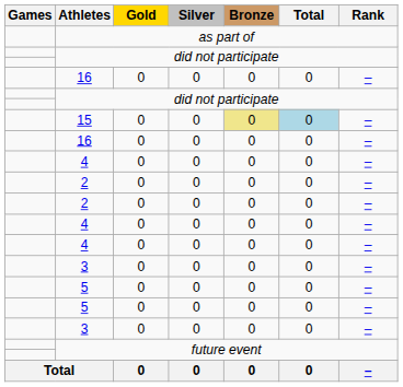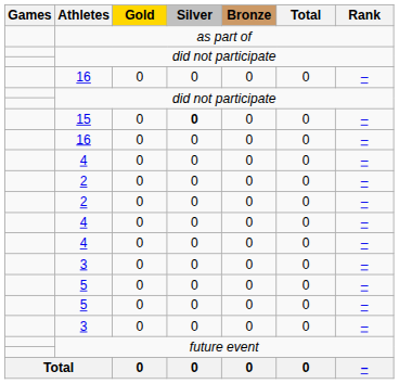 <table class="wikitable" style="text-align:center; font-size:90%;">
 <tr>
 <th>Games</th>
 <th>Athletes</th>
 <td style="background:gold; width:3.7em; font-weight:bold;">Gold</td>
 <td style="background:silver; width:3.7em; font-weight:bold;">Silver</td>
 <td style="background:#cc9966; width:3.7em; font-weight:bold;">Bronze</td>
 <th style="width:4em; font-weight:bold;">Total</th>
 <th style="width:4em; font-weight:bold;">Rank</th>
 </tr>
 <tr>
 <td align=left></td>
 <td colspan=6><em>as part of </em></td>
 </tr>
 <tr>
 <td align=left></td>
 <td colspan=6; rowspan=2><em>did not participate</em></td>
 </tr>
 <tr>
 <td align=left></td>
 </tr>
 <tr>
 <td align=left></td>
 <td><a href='#'>16</a></td>
 <td>0</td>
 <td>0</td>
 <td>0</td>
 <td>0</td>
 <td><a href='#'>–</a></td>
 </tr>
 <tr>
 <td align=left></td>
 <td colspan=6; rowspan=2><em>did not participate</em></td>
 </tr>
 <tr>
 <td align=left></td>
 </tr>
 <tr>
 <td align=left></td>
 <td><a href='#'>15</a></td>
 <td>0</td>
+<td><strong>0</strong></td>
 <td>0</td>
-<td style="background: khaki;">0</td>
-<td style="background: lightblue;">0</td>
+<td>0</td>
 <td><a href='#'>–</a></td>
 </tr>
 <tr>
 <td align=left></td>
 <td><a href='#'>16</a></td>
 <td>0</td>
 <td>0</td>
 <td>0</td>
 <td>0</td>
 <td><a href='#'>–</a></td>
 </tr>
 <tr>
 <td align=left></td>
 <td><a href='#'>4</a></td>
 <td>0</td>
 <td>0</td>
 <td>0</td>
 <td>0</td>
 <td><a href='#'>–</a></td>
 </tr>
 <tr>
 <td align=left></td>
 <td><a href='#'>2</a></td>
 <td>0</td>
 <td>0</td>
 <td>0</td>
 <td>0</td>
 <td><a href='#'>–</a></td>
 </tr>
 <tr>
 <td align=left></td>
 <td><a href='#'>2</a></td>
 <td>0</td>
 <td>0</td>
 <td>0</td>
 <td>0</td>
 <td><a href='#'>–</a></td>
 </tr>
 <tr>
 <td align=left></td>
 <td><a href='#'>4</a></td>
 <td>0</td>
 <td>0</td>
 <td>0</td>
 <td>0</td>
 <td><a href='#'>–</a></td>
 </tr>
 <tr>
 <td align=left></td>
 <td><a href='#'>4</a></td>
 <td>0</td>
 <td>0</td>
 <td>0</td>
 <td>0</td>
 <td><a href='#'>–</a></td>
 </tr>
 <tr>
 <td align=left></td>
 <td><a href='#'>3</a></td>
 <td>0</td>
 <td>0</td>
 <td>0</td>
 <td>0</td>
 <td><a href='#'>–</a></td>
 </tr>
 <tr>
 <td align=left></td>
 <td><a href='#'>5</a></td>
 <td>0</td>
 <td>0</td>
 <td>0</td>
 <td>0</td>
 <td><a href='#'>–</a></td>
 </tr>
 <tr>
 <td align=left></td>
 <td><a href='#'>5</a></td>
 <td>0</td>
 <td>0</td>
 <td>0</td>
 <td>0</td>
 <td><a href='#'>–</a></td>
 </tr>
 <tr>
 <td align=left></td>
 <td><a href='#'>3</a></td>
 <td>0</td>
 <td>0</td>
 <td>0</td>
 <td>0</td>
 <td><a href='#'>–</a></td>
 </tr>
 <tr>
 <td align=left></td>
 <td colspan=6; rowspan=2><em>future event</em></td>
 </tr>
 <tr>
 <td align=left></td>
 </tr>
 <tr>
 <th colspan=2>Total</th>
 <th>0</th>
 <th>0</th>
 <th>0</th>
 <th>0</th>
 <th><a href='#'>–</a></th>
 </tr>
 </table>
